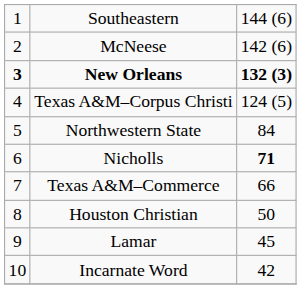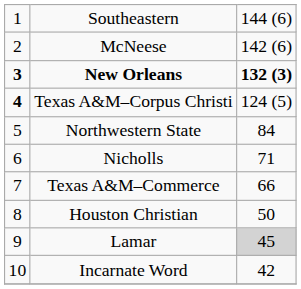 <table class="wikitable">
 <tr align="center">
 <td>1</td>
 <td>Southeastern</td>
 <td>144 (6)</td>
 </tr>
 <tr align="center">
 <td>2</td>
 <td>McNeese</td>
 <td>142 (6)</td>
 </tr>
 <tr align="center">
 <td><strong>3</strong></td>
 <td><strong>New Orleans</strong></td>
 <td><strong>132 (3)</strong></td>
 </tr>
 <tr align="center">
-<td>4</td>
+<td><strong>4</strong></td>
 <td>Texas A&M–Corpus Christi</td>
 <td>124 (5)</td>
 </tr>
 <tr align="center">
 <td>5</td>
 <td>Northwestern State</td>
 <td>84</td>
 </tr>
 <tr align="center">
 <td>6</td>
 <td>Nicholls</td>
-<td><strong>71</strong></td>
+<td>71</td>
 </tr>
 <tr align="center">
 <td>7</td>
 <td>Texas A&M–Commerce</td>
 <td>66</td>
 </tr>
 <tr align="center">
 <td>8</td>
 <td>Houston Christian</td>
 <td>50</td>
 </tr>
 <tr align="center">
 <td>9</td>
 <td>Lamar</td>
-<td>45</td>
+<td style="background: lightgrey;">45</td>
 </tr>
 <tr align="center">
 <td>10</td>
 <td>Incarnate Word</td>
 <td>42</td>
 </tr>
 <tr align="center">
 </tr>
 </table>
